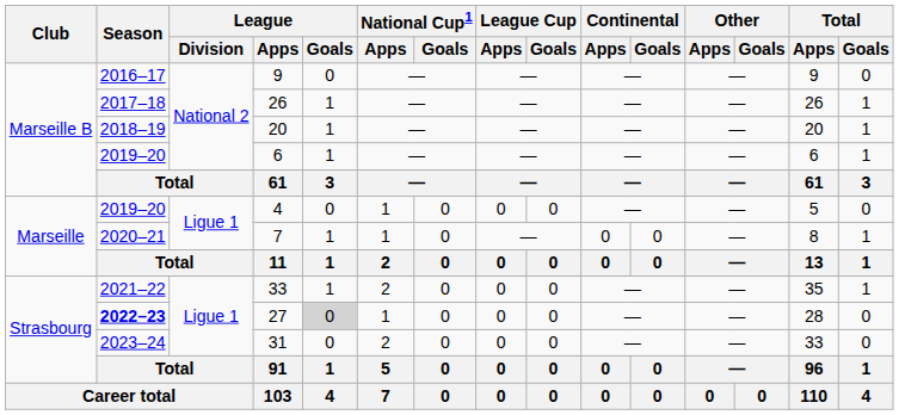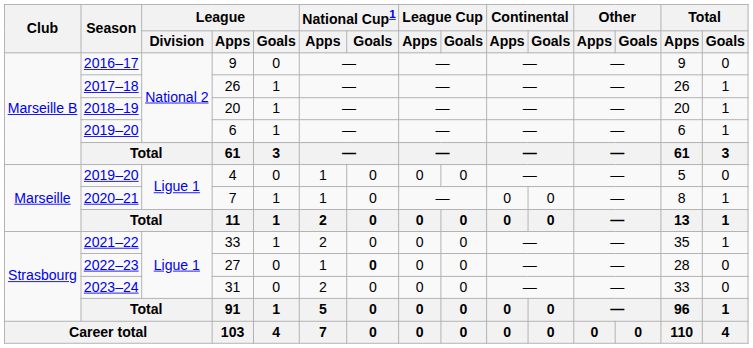 <table class="wikitable" style="text-align: center">
 <tr>
 <th rowspan="2">Club</th>
 <th rowspan="2">Season</th>
 <th colspan="3">League</th>
 <th colspan="2">National Cup<sup><a href='#'>1</a></sup></th>
 <th colspan="2">League Cup</th>
 <th colspan="2">Continental</th>
 <th colspan="2">Other</th>
 <th colspan="2">Total</th>
 </tr>
 <tr>
 <th>Division</th>
 <th>Apps</th>
 <th>Goals</th>
 <th>Apps</th>
 <th>Goals</th>
 <th>Apps</th>
 <th>Goals</th>
 <th>Apps</th>
 <th>Goals</th>
 <th>Apps</th>
 <th>Goals</th>
 <th>Apps</th>
 <th>Goals</th>
 </tr>
 <tr>
 <td rowspan="5"><a href='#'>Marseille B</a></td>
 <td><a href='#'>2016–17</a></td>
 <td rowspan="4"><a href='#'>National 2</a></td>
 <td>9</td>
 <td>0</td>
 <td colspan="2">—</td>
 <td colspan="2">—</td>
 <td colspan="2">—</td>
 <td colspan="2">—</td>
 <td>9</td>
 <td>0</td>
 </tr>
 <tr>
 <td><a href='#'>2017–18</a></td>
 <td>26</td>
 <td>1</td>
 <td colspan="2">—</td>
 <td colspan="2">—</td>
 <td colspan="2">—</td>
 <td colspan="2">—</td>
 <td>26</td>
 <td>1</td>
 </tr>
 <tr>
 <td><a href='#'>2018–19</a></td>
 <td>20</td>
 <td>1</td>
 <td colspan="2">—</td>
 <td colspan="2">—</td>
 <td colspan="2">—</td>
 <td colspan="2">—</td>
 <td>20</td>
 <td>1</td>
 </tr>
 <tr>
 <td><a href='#'>2019–20</a></td>
 <td>6</td>
 <td>1</td>
 <td colspan="2">—</td>
 <td colspan="2">—</td>
 <td colspan="2">—</td>
 <td colspan="2">—</td>
 <td>6</td>
 <td>1</td>
 </tr>
 <tr>
 <th colspan="2">Total</th>
 <th>61</th>
 <th>3</th>
 <th colspan="2">—</th>
 <th colspan="2">—</th>
 <th colspan="2">—</th>
 <th colspan="2">—</th>
 <th>61</th>
 <th>3</th>
 </tr>
 <tr>
 <td rowspan="3"><a href='#'>Marseille</a></td>
 <td><a href='#'>2019–20</a></td>
 <td rowspan="2"><a href='#'>Ligue 1</a></td>
 <td>4</td>
 <td>0</td>
 <td>1</td>
 <td>0</td>
 <td>0</td>
 <td>0</td>
 <td colspan="2">—</td>
 <td colspan="2">—</td>
 <td>5</td>
 <td>0</td>
 </tr>
 <tr>
 <td><a href='#'>2020–21</a></td>
 <td>7</td>
 <td>1</td>
 <td>1</td>
 <td>0</td>
 <td colspan="2">—</td>
 <td>0</td>
 <td>0</td>
 <td colspan="2">—</td>
 <td>8</td>
 <td>1</td>
 </tr>
 <tr>
 <th colspan="2">Total</th>
 <th>11</th>
 <th>1</th>
 <th>2</th>
 <th>0</th>
 <th>0</th>
 <th>0</th>
 <th>0</th>
 <th>0</th>
 <th colspan="2">—</th>
 <th>13</th>
 <th>1</th>
 </tr>
 <tr>
 <td rowspan="4"><a href='#'>Strasbourg</a></td>
 <td><a href='#'>2021–22</a></td>
 <td rowspan="3"><a href='#'>Ligue 1</a></td>
 <td>33</td>
 <td>1</td>
 <td>2</td>
 <td>0</td>
 <td>0</td>
 <td>0</td>
 <td colspan="2">—</td>
 <td colspan="2">—</td>
 <td>35</td>
 <td>1</td>
 </tr>
 <tr>
-<td><strong><a href='#'>2022–23</a></strong></td>
+<td><a href='#'>2022–23</a></td>
 <td>27</td>
-<td style="background: lightgrey;">0</td>
+<td>0</td>
 <td>1</td>
-<td>0</td>
+<td><strong>0</strong></td>
 <td>0</td>
 <td>0</td>
 <td colspan="2">—</td>
 <td colspan="2">—</td>
 <td>28</td>
 <td>0</td>
 </tr>
 <tr>
 <td><a href='#'>2023–24</a></td>
 <td>31</td>
 <td>0</td>
 <td>2</td>
 <td>0</td>
 <td>0</td>
 <td>0</td>
 <td colspan="2">—</td>
 <td colspan="2">—</td>
 <td>33</td>
 <td>0</td>
 </tr>
 <tr>
 <th colspan="2">Total</th>
 <th>91</th>
 <th>1</th>
 <th>5</th>
 <th>0</th>
 <th>0</th>
 <th>0</th>
 <th>0</th>
 <th>0</th>
 <th colspan="2">—</th>
 <th>96</th>
 <th>1</th>
 </tr>
 <tr>
 <th colspan="3">Career total</th>
 <th>103</th>
 <th>4</th>
 <th>7</th>
 <th>0</th>
 <th>0</th>
 <th>0</th>
 <th>0</th>
 <th>0</th>
 <th>0</th>
 <th>0</th>
 <th>110</th>
 <th>4</th>
 </tr>
 </table>
